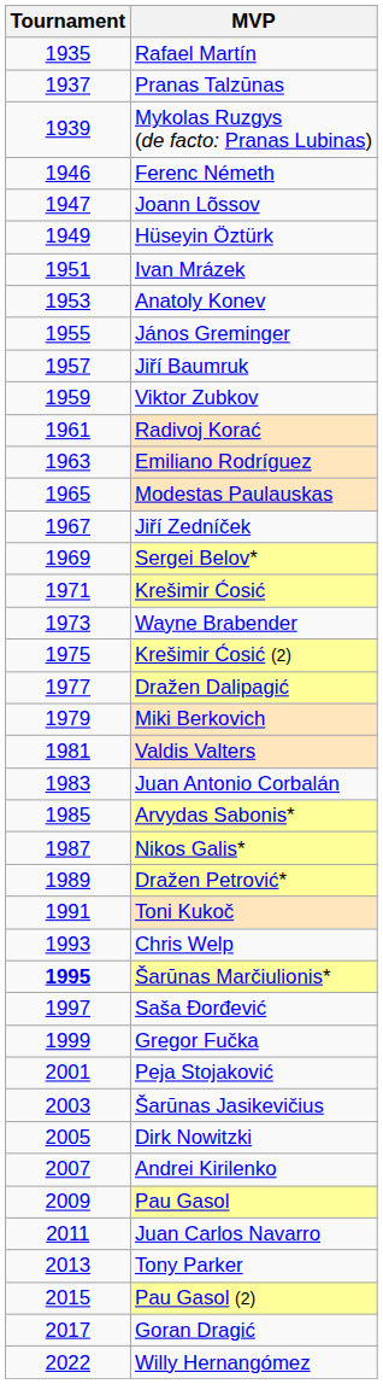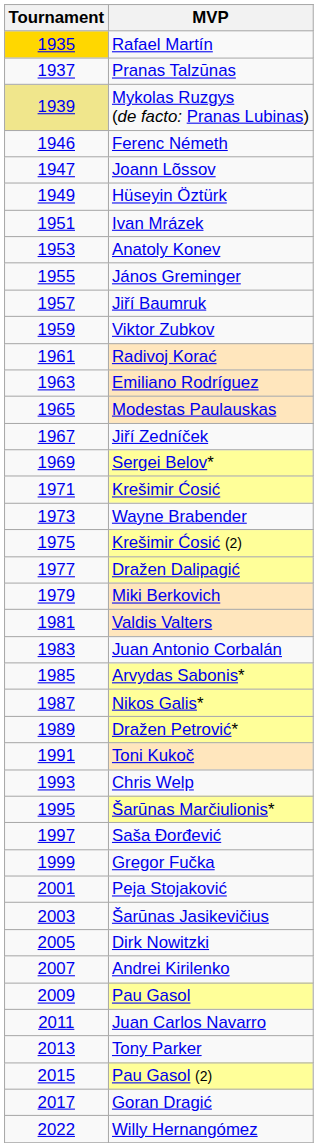 <table class="wikitable">
 <tr>
 <th>Tournament</th>
 <th>MVP</th>
 </tr>
 <tr>
-<td style="text-align:center;"><a href='#'>1935</a></td>
+<td style="background: gold; text-align:center;"><a href='#'>1935</a></td>
 <td> <a href='#'>Rafael Martín</a></td>
 </tr>
 <tr>
 <td style="text-align:center;"><a href='#'>1937</a></td>
 <td> <a href='#'>Pranas Talzūnas</a></td>
 </tr>
 <tr>
-<td style="text-align:center;"><a href='#'>1939</a></td>
+<td style="background: khaki; text-align:center;"><a href='#'>1939</a></td>
 <td> <a href='#'>Mykolas Ruzgys</a> <br>(<em>de facto:</em>  <a href='#'>Pranas Lubinas</a>)</td>
 </tr>
 <tr>
 <td style="text-align:center;"><a href='#'>1946</a></td>
 <td> <a href='#'>Ferenc Németh</a></td>
 </tr>
 <tr>
 <td style="text-align:center;"><a href='#'>1947</a></td>
 <td> <a href='#'>Joann Lõssov</a></td>
 </tr>
 <tr>
 <td style="text-align:center;"><a href='#'>1949</a></td>
 <td> <a href='#'>Hüseyin Öztürk</a></td>
 </tr>
 <tr>
 <td style="text-align:center;"><a href='#'>1951</a></td>
 <td> <a href='#'>Ivan Mrázek</a></td>
 </tr>
 <tr>
 <td style="text-align:center;"><a href='#'>1953</a></td>
 <td> <a href='#'>Anatoly Konev</a></td>
 </tr>
 <tr>
 <td style="text-align:center;"><a href='#'>1955</a></td>
 <td> <a href='#'>János Greminger</a></td>
 </tr>
 <tr>
 <td style="text-align:center;"><a href='#'>1957</a></td>
 <td> <a href='#'>Jiří Baumruk</a></td>
 </tr>
 <tr>
 <td style="text-align:center;"><a href='#'>1959</a></td>
 <td> <a href='#'>Viktor Zubkov</a></td>
 </tr>
 <tr>
 <td style="text-align:center;"><a href='#'>1961</a></td>
 <td bgcolor="#FFE6BD"> <a href='#'>Radivoj Korać</a></td>
 </tr>
 <tr>
 <td style="text-align:center;"><a href='#'>1963</a></td>
 <td bgcolor="#FFE6BD"> <a href='#'>Emiliano Rodríguez</a></td>
 </tr>
 <tr>
 <td style="text-align:center;"><a href='#'>1965</a></td>
 <td bgcolor="#FFE6BD"> <a href='#'>Modestas Paulauskas</a></td>
 </tr>
 <tr>
 <td style="text-align:center;"><a href='#'>1967</a></td>
 <td> <a href='#'>Jiří Zedníček</a></td>
 </tr>
 <tr>
 <td style="text-align:center;"><a href='#'>1969</a></td>
 <td bgcolor="#FFFF99"> <a href='#'>Sergei Belov</a>*</td>
 </tr>
 <tr>
 <td style="text-align:center;"><a href='#'>1971</a></td>
 <td bgcolor="#FFFF99"> <a href='#'>Krešimir Ćosić</a></td>
 </tr>
 <tr>
 <td style="text-align:center;"><a href='#'>1973</a></td>
 <td> <a href='#'>Wayne Brabender</a></td>
 </tr>
 <tr>
 <td style="text-align:center;"><a href='#'>1975</a></td>
 <td bgcolor="#FFFF99"> <a href='#'>Krešimir Ćosić</a> <small>(2)</small></td>
 </tr>
 <tr>
 <td style="text-align:center;"><a href='#'>1977</a></td>
 <td bgcolor="#FFFF99"> <a href='#'>Dražen Dalipagić</a></td>
 </tr>
 <tr>
 <td style="text-align:center;"><a href='#'>1979</a></td>
 <td bgcolor="#FFE6BD"> <a href='#'>Miki Berkovich</a></td>
 </tr>
 <tr>
 <td style="text-align:center;"><a href='#'>1981</a></td>
 <td bgcolor="#FFE6BD"> <a href='#'>Valdis Valters</a></td>
 </tr>
 <tr>
 <td style="text-align:center;"><a href='#'>1983</a></td>
 <td> <a href='#'>Juan Antonio Corbalán</a></td>
 </tr>
 <tr>
 <td style="text-align:center;"><a href='#'>1985</a></td>
 <td bgcolor="#FFFF99"> <a href='#'>Arvydas Sabonis</a>*</td>
 </tr>
 <tr>
 <td style="text-align:center;"><a href='#'>1987</a></td>
 <td bgcolor="#FFFF99"> <a href='#'>Nikos Galis</a>*</td>
 </tr>
 <tr>
 <td style="text-align:center;"><a href='#'>1989</a></td>
 <td bgcolor="#FFFF99"> <a href='#'>Dražen Petrović</a>*</td>
 </tr>
 <tr>
 <td style="text-align:center;"><a href='#'>1991</a></td>
 <td bgcolor="#FFE6BD"> <a href='#'>Toni Kukoč</a></td>
 </tr>
 <tr>
 <td style="text-align:center;"><a href='#'>1993</a></td>
 <td> <a href='#'>Chris Welp</a></td>
 </tr>
 <tr>
-<td style="text-align:center;"><strong><a href='#'>1995</a></strong></td>
+<td style="text-align:center;"><a href='#'>1995</a></td>
 <td bgcolor="#FFFF99"> <a href='#'>Šarūnas Marčiulionis</a>*</td>
 </tr>
 <tr>
 <td style="text-align:center;"><a href='#'>1997</a></td>
 <td> <a href='#'>Saša Đorđević</a></td>
 </tr>
 <tr>
 <td style="text-align:center;"><a href='#'>1999</a></td>
 <td> <a href='#'>Gregor Fučka</a></td>
 </tr>
 <tr>
 <td style="text-align:center;"><a href='#'>2001</a></td>
 <td> <a href='#'>Peja Stojaković</a></td>
 </tr>
 <tr>
 <td style="text-align:center;"><a href='#'>2003</a></td>
 <td> <a href='#'>Šarūnas Jasikevičius</a></td>
 </tr>
 <tr>
 <td style="text-align:center;"><a href='#'>2005</a></td>
 <td> <a href='#'>Dirk Nowitzki</a></td>
 </tr>
 <tr>
 <td style="text-align:center;"><a href='#'>2007</a></td>
 <td> <a href='#'>Andrei Kirilenko</a></td>
 </tr>
 <tr>
 <td style="text-align:center;"><a href='#'>2009</a></td>
 <td bgcolor="#FFFF99"> <a href='#'>Pau Gasol</a></td>
 </tr>
 <tr>
 <td style="text-align:center;"><a href='#'>2011</a></td>
 <td> <a href='#'>Juan Carlos Navarro</a></td>
 </tr>
 <tr>
 <td style="text-align:center;"><a href='#'>2013</a></td>
 <td> <a href='#'>Tony Parker</a></td>
 </tr>
 <tr>
 <td style="text-align:center;"><a href='#'>2015</a></td>
 <td bgcolor="#FFFF99"> <a href='#'>Pau Gasol</a> <small>(2)</small></td>
 </tr>
 <tr>
 <td style="text-align:center;"><a href='#'>2017</a></td>
 <td> <a href='#'>Goran Dragić</a></td>
 </tr>
 <tr>
 <td style="text-align:center;"><a href='#'>2022</a></td>
 <td> <a href='#'>Willy Hernangómez</a></td>
 </tr>
 </table>
